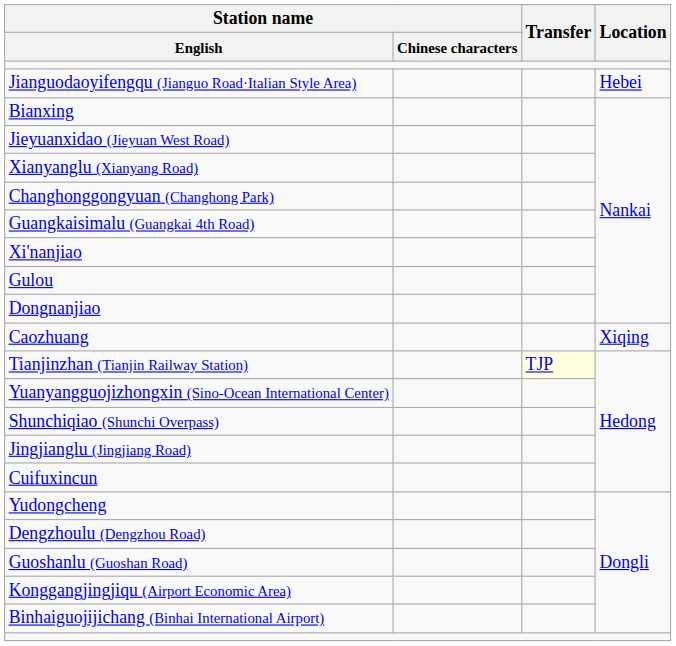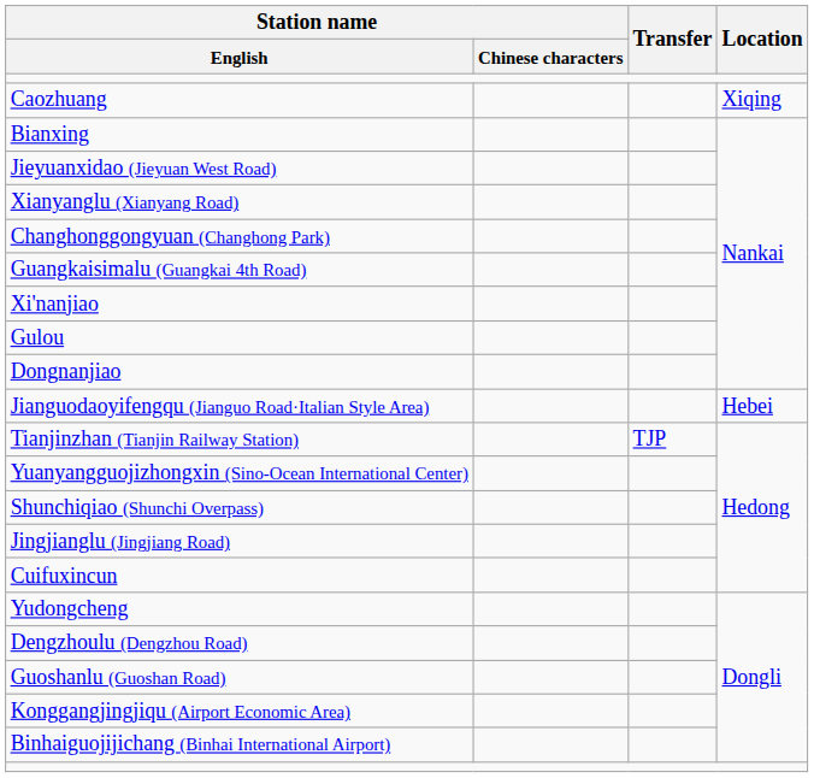 <table class="wikitable">
 <tr>
 <th colspan=2>Station name</th>
 <th rowspan=2>Transfer</th>
 <th rowspan=2>Location</th>
 </tr>
 <tr>
 <th><small>English</small></th>
 <th><small>Chinese characters</small></th>
 </tr>
 <tr style="background:#">
 <td colspan = "4"></td>
 </tr>
 <tr>
-<td><a href='#'>Jianguodaoyifengqu <small>(Jianguo Road·Italian Style Area)</small></a></td>
-<td><span></span></td>
+<td><a href='#'>Caozhuang</a></td>
+<td><span> </span></td>
 <td></td>
-<td rowspan=1><a href='#'>Hebei</a></td>
+<td rowspan=1><a href='#'>Xiqing</a></td>
 </tr>
 <tr>
 <td><a href='#'>Bianxing</a></td>
 <td><span></span></td>
 <td></td>
 <td rowspan=8><a href='#'>Nankai</a></td>
 </tr>
 <tr>
 <td><a href='#'>Jieyuanxidao <small>(Jieyuan West Road)</small></a></td>
 <td><span></span></td>
 <td></td>
 </tr>
 <tr>
 <td><a href='#'>Xianyanglu <small>(Xianyang Road)</small></a></td>
 <td><span></span></td>
 <td></td>
 </tr>
 <tr>
 <td><a href='#'>Changhonggongyuan <small>(Changhong Park)</small></a></td>
 <td><span></span></td>
 <td></td>
 </tr>
 <tr>
 <td><a href='#'>Guangkaisimalu <small>(Guangkai 4th Road)</small></a></td>
 <td><span></span></td>
 <td></td>
 </tr>
 <tr>
 <td><a href='#'>Xi'nanjiao</a></td>
 <td><span></span></td>
 <td></td>
 </tr>
 <tr>
 <td><a href='#'>Gulou</a></td>
 <td><span></span></td>
 <td></td>
 </tr>
 <tr>
 <td><a href='#'>Dongnanjiao</a></td>
 <td><span></span></td>
 <td></td>
 </tr>
 <tr>
-<td><a href='#'>Caozhuang</a></td>
-<td><span> </span></td>
+<td><a href='#'>Jianguodaoyifengqu <small>(Jianguo Road·Italian Style Area)</small></a></td>
+<td><span></span></td>
 <td></td>
-<td rowspan=1><a href='#'>Xiqing</a></td>
+<td rowspan=1><a href='#'>Hebei</a></td>
 </tr>
 <tr>
 <td><a href='#'>Tianjinzhan <small>(Tianjin Railway Station)</small></a></td>
 <td><span></span></td>
-<td style="background: lightyellow;">   <a href='#'>TJP</a></td>
+<td>   <a href='#'>TJP</a></td>
 <td rowspan=5><a href='#'>Hedong</a></td>
 </tr>
 <tr>
 <td><a href='#'>Yuanyangguojizhongxin <small>(Sino-Ocean International Center)</small></a></td>
 <td><span></span></td>
 <td></td>
 </tr>
 <tr>
 <td><a href='#'>Shunchiqiao <small>(Shunchi Overpass)</small></a></td>
 <td><span></span></td>
 <td></td>
 </tr>
 <tr>
 <td><a href='#'>Jingjianglu <small>(Jingjiang Road)</small></a></td>
 <td><span></span></td>
 <td></td>
 </tr>
 <tr>
 <td><a href='#'>Cuifuxincun</a></td>
 <td><span></span></td>
 <td></td>
 </tr>
 <tr>
 <td><a href='#'>Yudongcheng</a></td>
 <td><span></span></td>
 <td></td>
 <td rowspan=5><a href='#'>Dongli</a></td>
 </tr>
 <tr>
 <td><a href='#'>Dengzhoulu <small>(Dengzhou Road)</small></a></td>
 <td><span></span></td>
 <td></td>
 </tr>
 <tr>
 <td><a href='#'>Guoshanlu <small>(Guoshan Road)</small></a></td>
 <td><span></span></td>
 <td></td>
 </tr>
 <tr>
 <td><a href='#'>Konggangjingjiqu <small>(Airport Economic Area)</small></a></td>
 <td><span></span></td>
 <td></td>
 </tr>
 <tr>
 <td><a href='#'>Binhaiguojijichang <small>(Binhai International Airport)</small></a></td>
 <td><span></span></td>
 <td></td>
 </tr>
 <tr style="background:#">
 <td colspan = "4"></td>
 </tr>
 </table>
